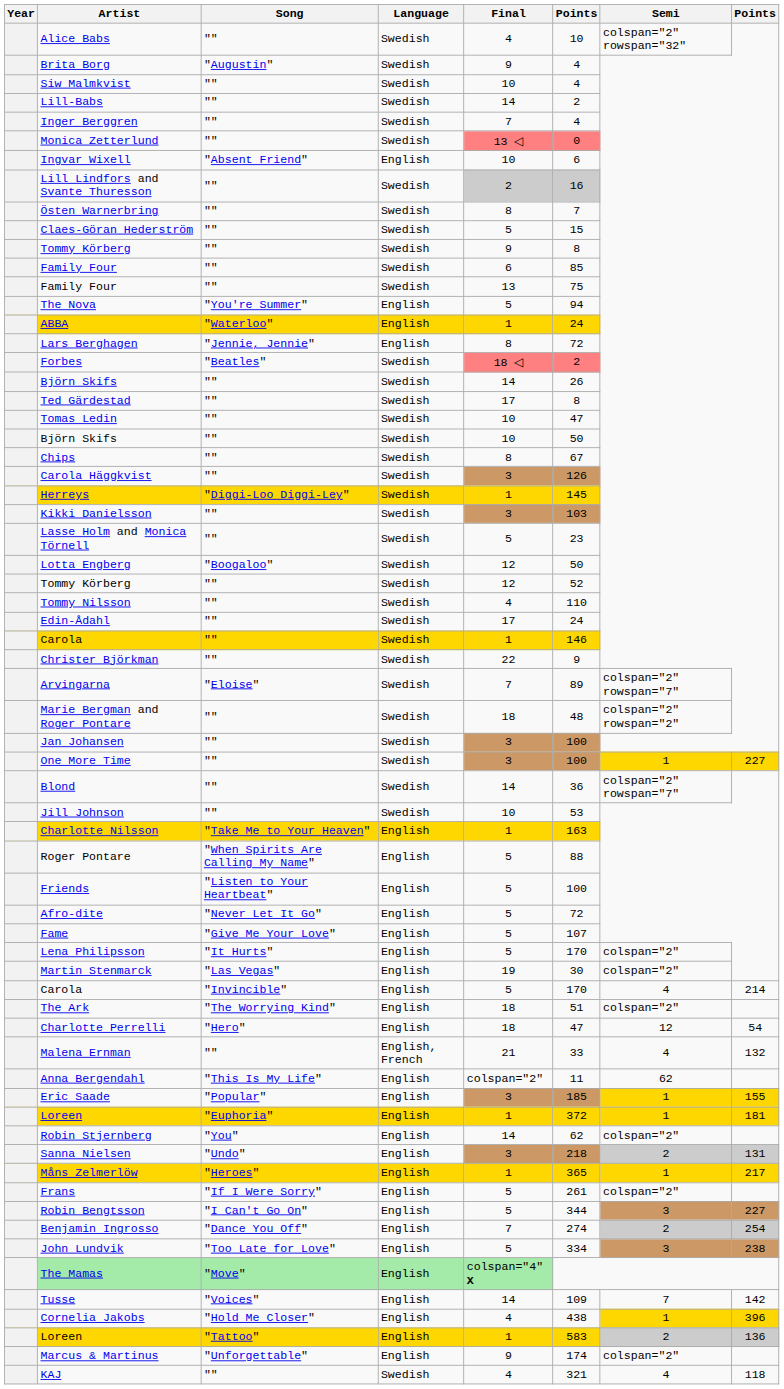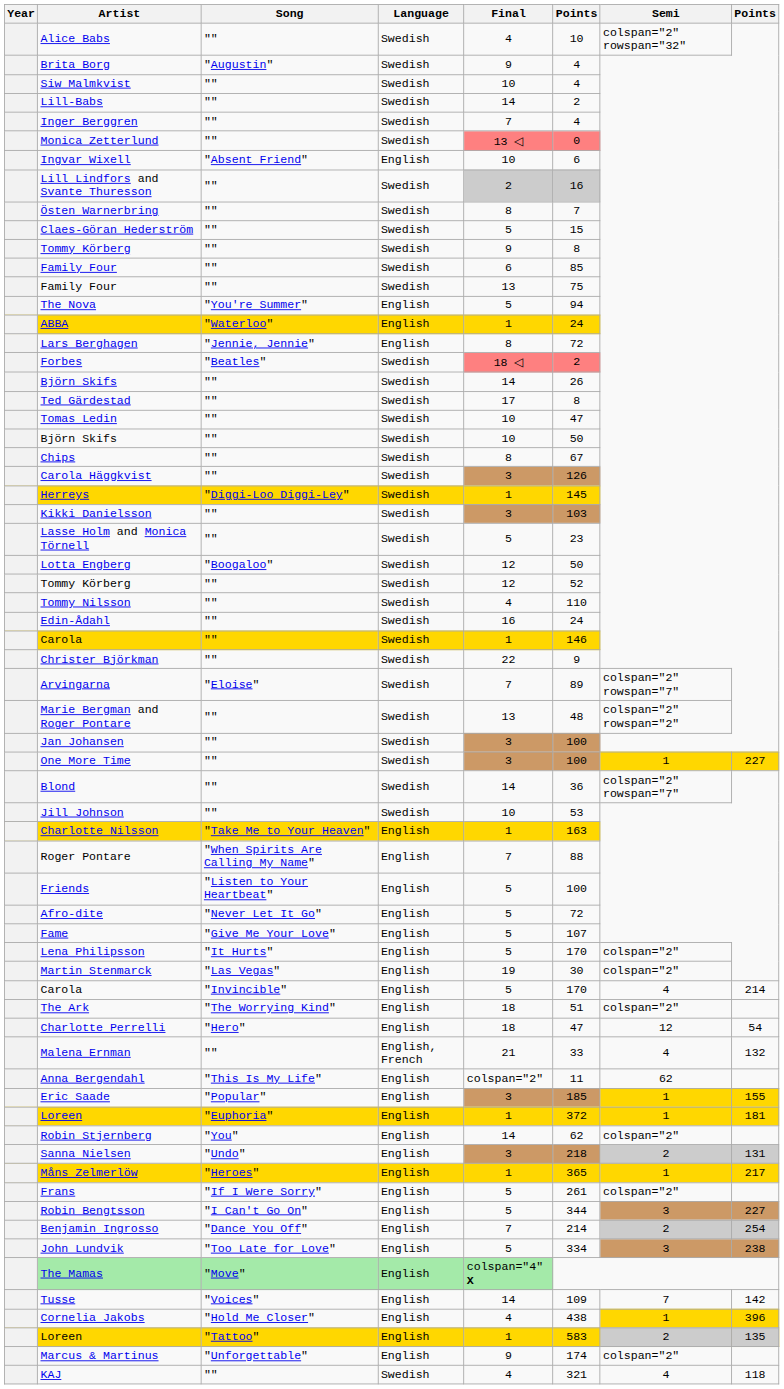 <table class="wikitable sortable plainrowheaders">
 <tr>
 <th scope="col">Year</th>
 <th scope="col">Artist</th>
 <th scope="col">Song</th>
 <th scope="col">Language</th>
 <th scope="col" data-sort-type="number">Final</th>
 <th scope="col" data-sort-type="number">Points</th>
 <th scope="col" data-sort-type="number">Semi</th>
 <th scope="col" data-sort-type="number">Points</th>
 </tr>
 <tr>
 <th scope="row" style="text-align:center"></th>
 <td><a href='#'>Alice Babs</a></td>
 <td>""</td>
 <td>Swedish</td>
 <td style="text-align:center;">4</td>
 <td style="text-align:center;">10</td>
 <td>colspan="2" rowspan="32" </td>
 </tr>
 <tr>
 <th scope="row" style="text-align:center"></th>
 <td><a href='#'>Brita Borg</a></td>
 <td>"<a href='#'>Augustin</a>"</td>
 <td>Swedish</td>
 <td style="text-align:center;">9</td>
 <td style="text-align:center;">4</td>
 </tr>
 <tr>
 <th scope="row" style="text-align:center"></th>
 <td><a href='#'>Siw Malmkvist</a></td>
 <td>""</td>
 <td>Swedish</td>
 <td style="text-align:center;">10</td>
 <td style="text-align:center;">4</td>
 </tr>
 <tr>
 <th scope="row" style="text-align:center"></th>
 <td><a href='#'>Lill-Babs</a></td>
 <td>""</td>
 <td>Swedish</td>
 <td style="text-align:center;">14</td>
 <td style="text-align:center;">2</td>
 </tr>
 <tr>
 <th scope="row" style="text-align:center"></th>
 <td><a href='#'>Inger Berggren</a></td>
 <td>""</td>
 <td>Swedish</td>
 <td style="text-align:center;">7</td>
 <td style="text-align:center;">4</td>
 </tr>
 <tr>
 <th scope="row" style="text-align:center"></th>
 <td><a href='#'>Monica Zetterlund</a></td>
 <td>""</td>
 <td>Swedish</td>
 <td style="text-align:center; background-color:#FE8080;">13 ◁</td>
 <td style="text-align:center; background-color:#FE8080;">0</td>
 </tr>
 <tr>
 <th scope="row" style="text-align:center"></th>
 <td><a href='#'>Ingvar Wixell</a></td>
 <td>"<a href='#'>Absent Friend</a>"</td>
 <td>English</td>
 <td style="text-align:center;">10</td>
 <td style="text-align:center;">6</td>
 </tr>
 <tr>
 <th scope="row" style="text-align:center"></th>
 <td><a href='#'>Lill Lindfors</a> and <a href='#'>Svante Thuresson</a></td>
 <td>""</td>
 <td>Swedish</td>
 <td style="text-align:center; background-color:#CCC;">2</td>
 <td style="text-align:center; background-color:#CCC;">16</td>
 </tr>
 <tr>
 <th scope="row" style="text-align:center"></th>
 <td><a href='#'>Östen Warnerbring</a></td>
 <td>""</td>
 <td>Swedish</td>
 <td style="text-align:center;">8</td>
 <td style="text-align:center;">7</td>
 </tr>
 <tr>
 <th scope="row" style="text-align:center"></th>
 <td><a href='#'>Claes-Göran Hederström</a></td>
 <td>""</td>
 <td>Swedish</td>
 <td style="text-align:center;">5</td>
 <td style="text-align:center;">15</td>
 </tr>
 <tr>
 <th scope="row" style="text-align:center"></th>
 <td><a href='#'>Tommy Körberg</a></td>
 <td>""</td>
 <td>Swedish</td>
 <td style="text-align:center;">9</td>
 <td style="text-align:center;">8</td>
 </tr>
 <tr>
 <th scope="row" style="text-align:center"></th>
 <td><a href='#'>Family Four</a></td>
 <td>""</td>
 <td>Swedish</td>
 <td style="text-align:center;">6</td>
 <td style="text-align:center;">85</td>
 </tr>
 <tr>
 <th scope="row" style="text-align:center"></th>
 <td>Family Four</td>
 <td>""</td>
 <td>Swedish</td>
 <td style="text-align:center;">13</td>
 <td style="text-align:center;">75</td>
 </tr>
 <tr>
 <th scope="row" style="text-align:center"></th>
 <td><a href='#'>The Nova</a></td>
 <td>"<a href='#'>You're Summer</a>"</td>
 <td>English</td>
 <td style="text-align:center;">5</td>
 <td style="text-align:center;">94</td>
 </tr>
 <tr style="background-color:#FFD700;">
 <th scope="row" style="text-align:center"></th>
 <td><a href='#'>ABBA</a></td>
 <td>"<a href='#'>Waterloo</a>"</td>
 <td>English</td>
 <td style="text-align:center;">1</td>
 <td style="text-align:center;">24</td>
 </tr>
 <tr>
 <th scope="row" style="text-align:center"></th>
 <td><a href='#'>Lars Berghagen</a></td>
 <td>"<a href='#'>Jennie, Jennie</a>"</td>
 <td>English</td>
 <td style="text-align:center;">8</td>
 <td style="text-align:center;">72</td>
 </tr>
 <tr>
 <th scope="row" style="text-align:center"></th>
 <td><a href='#'>Forbes</a></td>
 <td>"<a href='#'>Beatles</a>"</td>
 <td>Swedish</td>
 <td style="text-align:center; background-color:#FE8080;">18 ◁</td>
 <td style="text-align:center; background-color:#FE8080;">2</td>
 </tr>
 <tr>
 <th scope="row" style="text-align:center"></th>
 <td><a href='#'>Björn Skifs</a></td>
 <td>""</td>
 <td>Swedish</td>
 <td style="text-align:center;">14</td>
 <td style="text-align:center;">26</td>
 </tr>
 <tr>
 <th scope="row" style="text-align:center"></th>
 <td><a href='#'>Ted Gärdestad</a></td>
 <td>""</td>
 <td>Swedish</td>
 <td style="text-align:center;">17</td>
 <td style="text-align:center;">8</td>
 </tr>
 <tr>
 <th scope="row" style="text-align:center"></th>
 <td><a href='#'>Tomas Ledin</a></td>
 <td>""</td>
 <td>Swedish</td>
 <td style="text-align:center;">10</td>
 <td style="text-align:center;">47</td>
 </tr>
 <tr>
 <th scope="row" style="text-align:center"></th>
 <td>Björn Skifs</td>
 <td>""</td>
 <td>Swedish</td>
 <td style="text-align:center;">10</td>
 <td style="text-align:center;">50</td>
 </tr>
 <tr>
 <th scope="row" style="text-align:center"></th>
 <td><a href='#'>Chips</a></td>
 <td>""</td>
 <td>Swedish</td>
 <td style="text-align:center;">8</td>
 <td style="text-align:center;">67</td>
 </tr>
 <tr>
 <th scope="row" style="text-align:center"></th>
 <td><a href='#'>Carola Häggkvist</a></td>
 <td>""</td>
 <td>Swedish</td>
 <td style="text-align:center; background-color:#C96;">3</td>
 <td style="text-align:center; background-color:#C96;">126</td>
 </tr>
 <tr style="background-color:#FFD700;">
 <th scope="row" style="text-align:center"></th>
 <td><a href='#'>Herreys</a></td>
 <td>"<a href='#'>Diggi-Loo Diggi-Ley</a>"</td>
 <td>Swedish</td>
 <td style="text-align:center;">1</td>
 <td style="text-align:center;">145</td>
 </tr>
 <tr>
 <th scope="row" style="text-align:center"></th>
 <td><a href='#'>Kikki Danielsson</a></td>
 <td>""</td>
 <td>Swedish</td>
 <td style="text-align:center; background-color:#C96;">3</td>
 <td style="text-align:center; background-color:#C96;">103</td>
 </tr>
 <tr>
 <th scope="row" style="text-align:center"></th>
 <td><a href='#'>Lasse Holm</a> and <a href='#'>Monica Törnell</a></td>
 <td>""</td>
 <td>Swedish</td>
 <td style="text-align:center;">5</td>
 <td style="text-align:center;">23</td>
 </tr>
 <tr>
 <th scope="row" style="text-align:center"></th>
 <td><a href='#'>Lotta Engberg</a></td>
 <td>"<a href='#'>Boogaloo</a>"</td>
 <td>Swedish</td>
 <td style="text-align:center;">12</td>
 <td style="text-align:center;">50</td>
 </tr>
 <tr>
 <th scope="row" style="text-align:center"></th>
 <td>Tommy Körberg</td>
 <td>""</td>
 <td>Swedish</td>
 <td style="text-align:center;">12</td>
 <td style="text-align:center;">52</td>
 </tr>
 <tr>
 <th scope="row" style="text-align:center"></th>
 <td><a href='#'>Tommy Nilsson</a></td>
 <td>""</td>
 <td>Swedish</td>
 <td style="text-align:center;">4</td>
 <td style="text-align:center;">110</td>
 </tr>
 <tr>
 <th scope="row" style="text-align:center"></th>
 <td><a href='#'>Edin-Ådahl</a></td>
 <td>""</td>
 <td>Swedish</td>
-<td style="text-align:center;">17</td>
+<td style="text-align:center;">16</td>
 <td style="text-align:center;">24</td>
 </tr>
 <tr style="background-color:#FFD700;">
 <th scope="row" style="text-align:center"></th>
 <td>Carola</td>
 <td>""</td>
 <td>Swedish</td>
 <td style="text-align:center;">1</td>
 <td style="text-align:center;">146</td>
 </tr>
 <tr>
 <th scope="row" style="text-align:center"></th>
 <td><a href='#'>Christer Björkman</a></td>
 <td>""</td>
 <td>Swedish</td>
 <td style="text-align:center;">22</td>
 <td style="text-align:center;">9</td>
 </tr>
 <tr>
 <th scope="row" style="text-align:center"></th>
 <td><a href='#'>Arvingarna</a></td>
 <td>"<a href='#'>Eloise</a>"</td>
 <td>Swedish</td>
 <td style="text-align:center;">7</td>
 <td style="text-align:center;">89</td>
 <td>colspan="2" rowspan="7" </td>
 </tr>
 <tr>
 <th scope="row" style="text-align:center"></th>
 <td><a href='#'>Marie Bergman</a> and <a href='#'>Roger Pontare</a></td>
 <td>""</td>
 <td>Swedish</td>
-<td style="text-align:center;">18</td>
+<td style="text-align:center;">13</td>
 <td style="text-align:center;">48</td>
 <td>colspan="2" rowspan="2" </td>
 </tr>
 <tr>
 <th scope="row" style="text-align:center"></th>
 <td><a href='#'>Jan Johansen</a></td>
 <td>""</td>
 <td>Swedish</td>
 <td style="text-align:center; background-color:#C96;">3</td>
 <td style="text-align:center; background-color:#C96;">100</td>
 </tr>
 <tr>
 <th scope="row" style="text-align:center"></th>
 <td><a href='#'>One More Time</a></td>
 <td>""</td>
 <td>Swedish</td>
 <td style="text-align:center; background-color:#C96;">3</td>
 <td style="text-align:center; background-color:#C96;">100</td>
 <td style="text-align:center; background-color:#FFD700;">1</td>
 <td style="text-align:center; background-color:#FFD700;">227</td>
 </tr>
 <tr>
 <th scope="row" style="text-align:center"></th>
 <td><a href='#'>Blond</a></td>
 <td>""</td>
 <td>Swedish</td>
 <td style="text-align:center;">14</td>
 <td style="text-align:center;">36</td>
 <td>colspan="2" rowspan="7" </td>
 </tr>
 <tr>
 <th scope="row" style="text-align:center"></th>
 <td><a href='#'>Jill Johnson</a></td>
 <td>""</td>
 <td>Swedish</td>
 <td style="text-align:center;">10</td>
 <td style="text-align:center;">53</td>
 </tr>
 <tr style="background-color:#FFD700;">
 <th scope="row" style="text-align:center"></th>
 <td><a href='#'>Charlotte Nilsson</a></td>
 <td>"<a href='#'>Take Me to Your Heaven</a>"</td>
 <td>English</td>
 <td style="text-align:center;">1</td>
 <td style="text-align:center;">163</td>
 </tr>
 <tr>
 <th scope="row" style="text-align:center"></th>
 <td>Roger Pontare</td>
 <td>"<a href='#'>When Spirits Are Calling My Name</a>"</td>
 <td>English</td>
-<td style="text-align:center;">5</td>
+<td style="text-align:center;">7</td>
 <td style="text-align:center;">88</td>
 </tr>
 <tr>
 <th scope="row" style="text-align:center"></th>
 <td><a href='#'>Friends</a></td>
 <td>"<a href='#'>Listen to Your Heartbeat</a>"</td>
 <td>English</td>
 <td style="text-align:center;">5</td>
 <td style="text-align:center;">100</td>
 </tr>
 <tr>
 <th scope="row" style="text-align:center"></th>
 <td><a href='#'>Afro-dite</a></td>
 <td>"<a href='#'>Never Let It Go</a>"</td>
 <td>English</td>
 <td style="text-align:center;">5</td>
 <td style="text-align:center;">72</td>
 </tr>
 <tr>
 <th scope="row" style="text-align:center"></th>
 <td><a href='#'>Fame</a></td>
 <td>"<a href='#'>Give Me Your Love</a>"</td>
 <td>English</td>
 <td style="text-align:center;">5</td>
 <td style="text-align:center;">107</td>
 </tr>
 <tr>
 <th scope="row" style="text-align:center"></th>
 <td><a href='#'>Lena Philipsson</a></td>
 <td>"<a href='#'>It Hurts</a>"</td>
 <td>English</td>
 <td style="text-align:center;">5</td>
 <td style="text-align:center;">170</td>
 <td>colspan="2" </td>
 </tr>
 <tr>
 <th scope="row" style="text-align:center"></th>
 <td><a href='#'>Martin Stenmarck</a></td>
 <td>"<a href='#'>Las Vegas</a>"</td>
 <td>English</td>
 <td style="text-align:center;">19</td>
 <td style="text-align:center;">30</td>
 <td>colspan="2" </td>
 </tr>
 <tr>
 <th scope="row" style="text-align:center"></th>
 <td>Carola</td>
 <td>"<a href='#'>Invincible</a>"</td>
 <td>English</td>
 <td style="text-align:center;">5</td>
 <td style="text-align:center;">170</td>
 <td style="text-align:center;">4</td>
 <td style="text-align:center;">214</td>
 </tr>
 <tr>
 <th scope="row" style="text-align:center"></th>
 <td><a href='#'>The Ark</a></td>
 <td>"<a href='#'>The Worrying Kind</a>"</td>
 <td>English</td>
 <td style="text-align:center;">18</td>
 <td style="text-align:center;">51</td>
 <td>colspan="2" </td>
 </tr>
 <tr>
 <th scope="row" style="text-align:center"></th>
 <td><a href='#'>Charlotte Perrelli</a></td>
 <td>"<a href='#'>Hero</a>"</td>
 <td>English</td>
 <td style="text-align:center;">18</td>
 <td style="text-align:center;">47</td>
 <td style="text-align:center;">12</td>
 <td style="text-align:center;">54</td>
 </tr>
 <tr>
 <th scope="row" style="text-align:center"></th>
 <td><a href='#'>Malena Ernman</a></td>
 <td>""</td>
 <td>English, French</td>
 <td style="text-align:center;">21</td>
 <td style="text-align:center;">33</td>
 <td style="text-align:center;">4</td>
 <td style="text-align:center;">132</td>
 </tr>
 <tr>
 <th scope="row" style="text-align:center"></th>
 <td><a href='#'>Anna Bergendahl</a></td>
 <td>"<a href='#'>This Is My Life</a>"</td>
 <td>English</td>
 <td>colspan="2" </td>
 <td style="text-align:center;">11</td>
 <td style="text-align:center;">62</td>
 </tr>
 <tr>
 <th scope="row" style="text-align:center"></th>
 <td><a href='#'>Eric Saade</a></td>
 <td>"<a href='#'>Popular</a>"</td>
 <td>English</td>
 <td style="text-align:center; background-color:#C96;">3</td>
 <td style="text-align:center; background-color:#C96;">185</td>
 <td style="text-align:center; background-color:#FFD700;">1</td>
 <td style="text-align:center; background-color:#FFD700;">155</td>
 </tr>
 <tr style="background-color:#FFD700;">
 <th scope="row" style="text-align:center"></th>
 <td><a href='#'>Loreen</a></td>
 <td>"<a href='#'>Euphoria</a>"</td>
 <td>English</td>
 <td style="text-align:center;">1</td>
 <td style="text-align:center;">372</td>
 <td style="text-align:center;">1</td>
 <td style="text-align:center;">181</td>
 </tr>
 <tr>
 <th scope="row" style="text-align:center"></th>
 <td><a href='#'>Robin Stjernberg</a></td>
 <td>"<a href='#'>You</a>"</td>
 <td>English</td>
 <td style="text-align:center;">14</td>
 <td style="text-align:center;">62</td>
 <td>colspan="2" </td>
 </tr>
 <tr>
 <th scope="row" style="text-align:center"></th>
 <td><a href='#'>Sanna Nielsen</a></td>
 <td>"<a href='#'>Undo</a>"</td>
 <td>English</td>
 <td style="text-align:center; background-color:#C96;">3</td>
 <td style="text-align:center; background-color:#C96;">218</td>
 <td style="text-align:center; background-color:#CCC;">2</td>
 <td style="text-align:center; background-color:#CCC;">131</td>
 </tr>
 <tr style="background-color:#FFD700;">
 <th scope="row" style="text-align:center"></th>
 <td><a href='#'>Måns Zelmerlöw</a></td>
 <td>"<a href='#'>Heroes</a>"</td>
 <td>English</td>
 <td style="text-align:center;">1</td>
 <td style="text-align:center;">365</td>
 <td style="text-align:center;">1</td>
 <td style="text-align:center;">217</td>
 </tr>
 <tr>
 <th scope="row" style="text-align:center"></th>
 <td><a href='#'>Frans</a></td>
 <td>"<a href='#'>If I Were Sorry</a>"</td>
 <td>English</td>
 <td style="text-align:center;">5</td>
 <td style="text-align:center;">261</td>
 <td>colspan="2" </td>
 </tr>
 <tr>
 <th scope="row" style="text-align:center"></th>
 <td><a href='#'>Robin Bengtsson</a></td>
 <td>"<a href='#'>I Can't Go On</a>"</td>
 <td>English</td>
 <td style="text-align:center;">5</td>
 <td style="text-align:center;">344</td>
 <td style="text-align:center; background-color:#C96;">3</td>
 <td style="text-align:center; background-color:#C96;">227</td>
 </tr>
 <tr>
 <th scope="row" style="text-align:center"></th>
 <td><a href='#'>Benjamin Ingrosso</a></td>
 <td>"<a href='#'>Dance You Off</a>"</td>
 <td>English</td>
 <td style="text-align:center;">7</td>
-<td style="text-align:center;">274</td>
+<td style="text-align:center;">214</td>
 <td style="text-align:center; background-color:#CCC;">2</td>
 <td style="text-align:center; background-color:#CCC;">254</td>
 </tr>
 <tr>
 <th scope="row" style="text-align:center"></th>
 <td><a href='#'>John Lundvik</a></td>
 <td>"<a href='#'>Too Late for Love</a>"</td>
 <td>English</td>
 <td style="text-align:center;">5</td>
 <td style="text-align:center;">334</td>
 <td style="text-align:center; background-color:#C96;">3</td>
 <td style="text-align:center; background-color:#C96;">238</td>
 </tr>
 <tr style="background-color:#A4EAA9;">
 <th scope="row" style="text-align:center"></th>
 <td><a href='#'>The Mamas</a></td>
 <td>"<a href='#'>Move</a>"</td>
 <td>English</td>
 <td>colspan="4"  <strong>X</strong></td>
 </tr>
 <tr>
 <th scope="row" style="text-align:center"></th>
 <td><a href='#'>Tusse</a></td>
 <td>"<a href='#'>Voices</a>"</td>
 <td>English</td>
 <td style="text-align:center;">14</td>
 <td style="text-align:center;">109</td>
 <td style="text-align:center;">7</td>
 <td style="text-align:center;">142</td>
 </tr>
 <tr>
 <th scope="row" style="text-align:center"></th>
 <td><a href='#'>Cornelia Jakobs</a></td>
 <td>"<a href='#'>Hold Me Closer</a>"</td>
 <td>English</td>
 <td style="text-align:center;">4</td>
 <td style="text-align:center;">438</td>
 <td style="text-align:center; background-color:#FFD700;">1</td>
 <td style="text-align:center; background-color:#FFD700;">396</td>
 </tr>
 <tr style="background-color:#FFD700;">
 <th scope="row" style="text-align:center"></th>
 <td>Loreen</td>
 <td>"<a href='#'>Tattoo</a>"</td>
 <td>English</td>
 <td style="text-align:center;">1</td>
 <td style="text-align:center;">583</td>
 <td style="text-align:center; background-color:#CCC;">2</td>
-<td style="text-align:center; background-color:#CCC;">136</td>
+<td style="text-align:center; background-color:#CCC;">135</td>
 </tr>
 <tr>
 <th scope="row" style="text-align:center"></th>
 <td><a href='#'>Marcus & Martinus</a></td>
 <td>"<a href='#'>Unforgettable</a>"</td>
 <td>English</td>
 <td style="text-align:center;">9</td>
 <td style="text-align:center;">174</td>
 <td>colspan="2" </td>
 </tr>
 <tr>
 <th scope="row" style="text-align:center;"></th>
 <td><a href='#'>KAJ</a></td>
 <td>""</td>
 <td>Swedish</td>
 <td style="text-align:center;">4</td>
 <td style="text-align:center;">321</td>
 <td style="text-align:center;">4</td>
 <td style="text-align:center;">118</td>
 </tr>
 </table>
